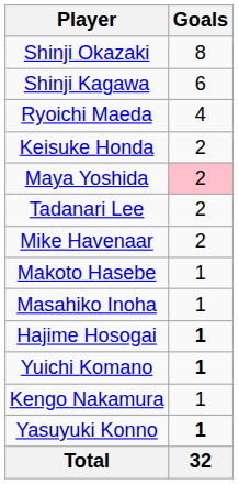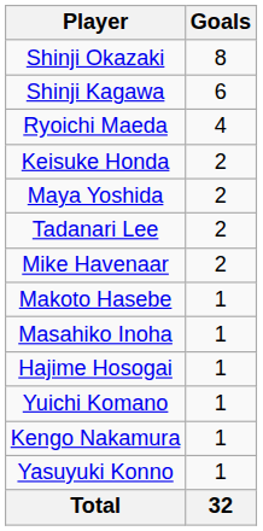 <table class="wikitable" style="text-align: center;">
 <tr>
 <th>Player</th>
 <th>Goals</th>
 </tr>
 <tr>
 <td><a href='#'>Shinji Okazaki</a></td>
 <td>8</td>
 </tr>
 <tr>
 <td><a href='#'>Shinji Kagawa</a></td>
 <td>6</td>
 </tr>
 <tr>
 <td><a href='#'>Ryoichi Maeda</a></td>
 <td>4</td>
 </tr>
 <tr>
 <td><a href='#'>Keisuke Honda</a></td>
 <td>2</td>
 </tr>
 <tr>
 <td><a href='#'>Maya Yoshida</a></td>
-<td style="background: pink;">2</td>
+<td>2</td>
 </tr>
 <tr>
 <td><a href='#'>Tadanari Lee</a></td>
 <td>2</td>
 </tr>
 <tr>
 <td><a href='#'>Mike Havenaar</a></td>
 <td>2</td>
 </tr>
 <tr>
 <td><a href='#'>Makoto Hasebe</a></td>
 <td>1</td>
 </tr>
 <tr>
 <td><a href='#'>Masahiko Inoha</a></td>
 <td>1</td>
 </tr>
 <tr>
 <td><a href='#'>Hajime Hosogai</a></td>
-<td><strong>1</strong></td>
+<td>1</td>
 </tr>
 <tr>
 <td><a href='#'>Yuichi Komano</a></td>
-<td><strong>1</strong></td>
+<td>1</td>
 </tr>
 <tr>
 <td><a href='#'>Kengo Nakamura</a></td>
 <td>1</td>
 </tr>
 <tr>
 <td><a href='#'>Yasuyuki Konno</a></td>
-<td><strong>1</strong></td>
+<td>1</td>
 </tr>
 <tr>
 <th>Total</th>
 <th>32</th>
 </tr>
 </table>
